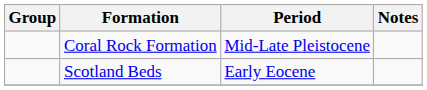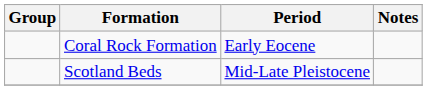 <table class="wikitable sortable">
 <tr>
 <th>Group</th>
 <th>Formation</th>
 <th>Period</th>
 <th class="unsortable">Notes</th>
 </tr>
 <tr>
 <td></td>
 <td><a href='#'>Coral Rock Formation</a></td>
-<td style="background-color: "><a href='#'>Mid-Late Pleistocene</a></td>
+<td style="background-color: "><a href='#'>Early Eocene</a></td>
 <td align=center></td>
 </tr>
 <tr>
 <td></td>
 <td><a href='#'>Scotland Beds</a></td>
-<td style="background-color: "><a href='#'>Early Eocene</a></td>
+<td style="background-color: "><a href='#'>Mid-Late Pleistocene</a></td>
 <td align=center></td>
 </tr>
 <tr>
 </tr>
 </table>
